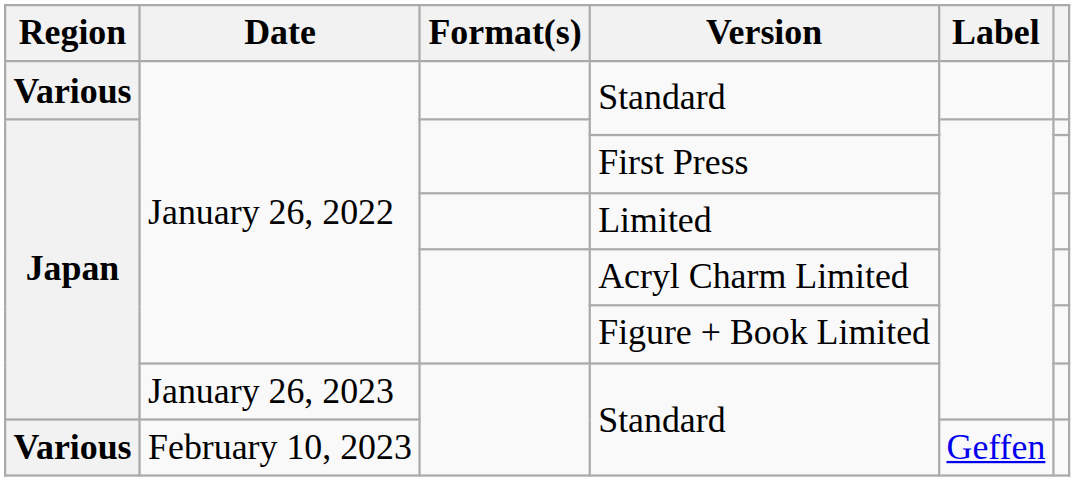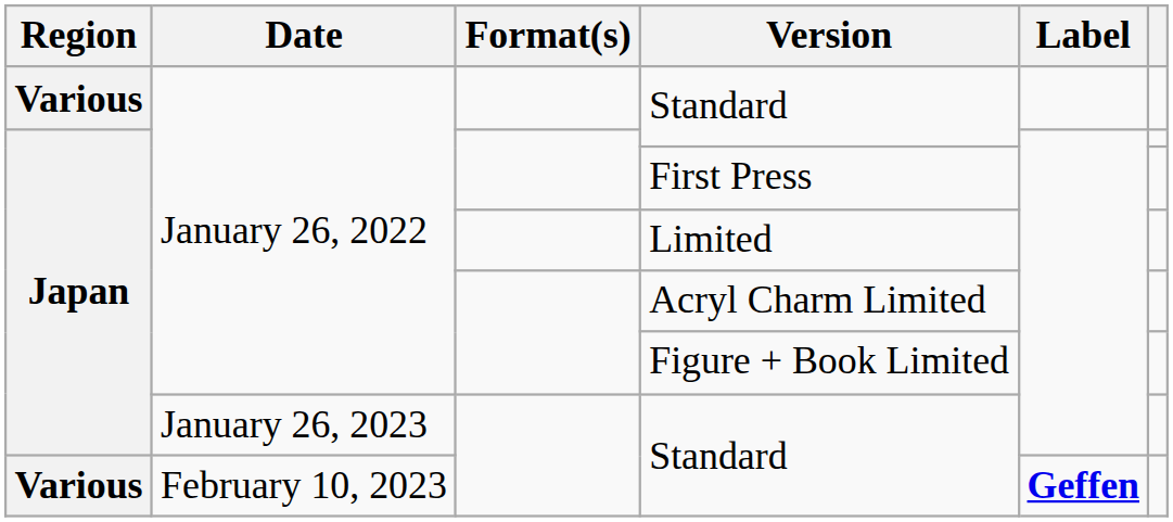 <table class="wikitable plainrowheaders">
 <tr>
 <th scope="col">Region</th>
 <th scope="col">Date</th>
 <th scope="col">Format(s)</th>
 <th scope="col">Version</th>
 <th scope="col">Label</th>
 <th scope="col"></th>
 </tr>
 <tr>
 <th scope="row">Various</th>
 <td rowspan="6">January 26, 2022</td>
 <td></td>
 <td rowspan="2">Standard</td>
 <td></td>
 <td align="center"></td>
 </tr>
 <tr>
 <th rowspan="6" scope="row">Japan</th>
 <td rowspan="2"></td>
 <td rowspan="6"></td>
 <td align="center"></td>
 </tr>
 <tr>
 <td>First Press</td>
 <td align="center"></td>
 </tr>
 <tr>
 <td></td>
 <td>Limited</td>
 <td align="center"></td>
 </tr>
 <tr>
 <td rowspan="2"></td>
 <td>Acryl Charm Limited</td>
 <td align="center"></td>
 </tr>
 <tr>
 <td>Figure + Book Limited</td>
 <td align="center"></td>
 </tr>
 <tr>
 <td>January 26, 2023</td>
 <td rowspan="2"></td>
 <td rowspan="2">Standard</td>
 <td align="center"></td>
 </tr>
 <tr>
 <th scope="row">Various</th>
 <td>February 10, 2023</td>
-<td><a href='#'>Geffen</a></td>
+<td><strong><a href='#'>Geffen</a></strong></td>
 <td align="center"></td>
 </tr>
 </table>
